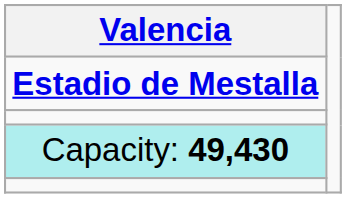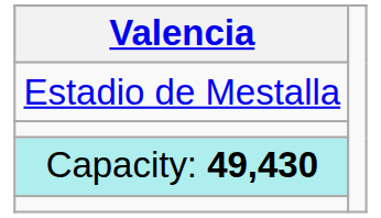 <table class="wikitable" style="margin:0.5em auto; text-align:center">
 <tr>
 <th><a href='#'>Valencia</a></th>
 <td rowspan="5"></td>
 </tr>
 <tr>
-<td><strong><a href='#'>Estadio de Mestalla</a></strong></td>
+<td><a href='#'>Estadio de Mestalla</a></td>
 </tr>
 <tr>
 <td><small></small></td>
 </tr>
 <tr>
 <td style="background: paleturquoise;">Capacity: <strong>49,430</strong></td>
 </tr>
 <tr>
 <td></td>
 </tr>
 </table>
